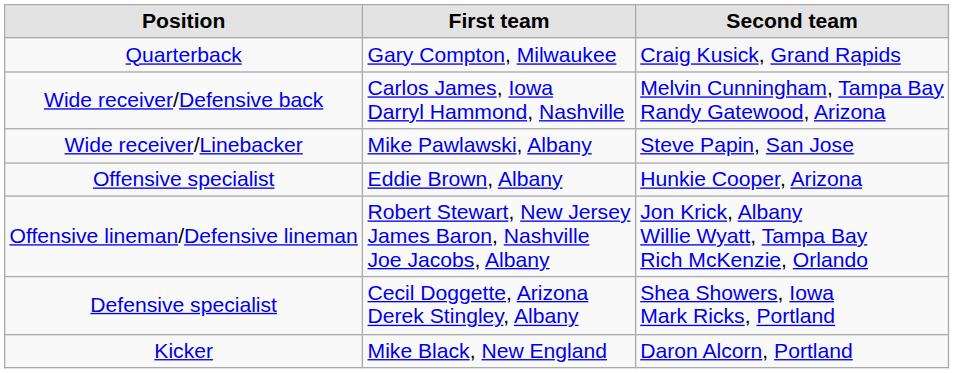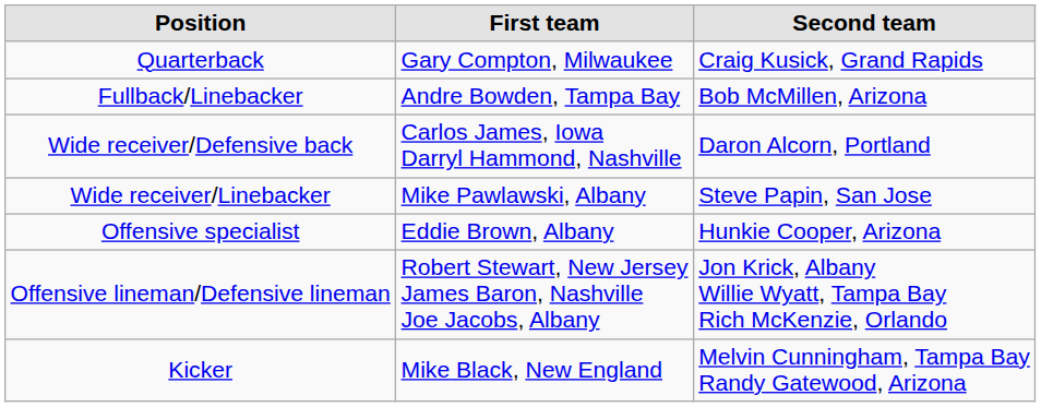 <table class="wikitable">
 <tr>
 <th style="background:#e3e3e3;">Position</th>
 <th style="background:#e3e3e3;">First team</th>
 <th style="background:#e3e3e3;">Second team</th>
 </tr>
 <tr>
 <td align=center><a href='#'>Quarterback</a></td>
 <td><a href='#'>Gary Compton</a>, <a href='#'>Milwaukee</a></td>
 <td><a href='#'>Craig Kusick</a>, <a href='#'>Grand Rapids</a></td>
 </tr>
 <tr>
+<td align=center><a href='#'>Fullback</a>/<a href='#'>Linebacker</a></td>
+<td><a href='#'>Andre Bowden</a>, <a href='#'>Tampa Bay</a></td>
+<td><a href='#'>Bob McMillen</a>, <a href='#'>Arizona</a></td>
+</tr>
+<tr>
 <td align=center><a href='#'>Wide receiver</a>/<a href='#'>Defensive back</a></td>
 <td><a href='#'>Carlos James</a>, <a href='#'>Iowa</a><br><a href='#'>Darryl Hammond</a>, <a href='#'>Nashville</a></td>
-<td><a href='#'>Melvin Cunningham</a>, <a href='#'>Tampa Bay</a><br><a href='#'>Randy Gatewood</a>, <a href='#'>Arizona</a></td>
+<td><a href='#'>Daron Alcorn</a>, <a href='#'>Portland</a></td>
 </tr>
 <tr>
 <td align=center><a href='#'>Wide receiver</a>/<a href='#'>Linebacker</a></td>
 <td><a href='#'>Mike Pawlawski</a>, <a href='#'>Albany</a></td>
 <td><a href='#'>Steve Papin</a>, <a href='#'>San Jose</a></td>
 </tr>
 <tr>
 <td align=center><a href='#'>Offensive specialist</a></td>
 <td><a href='#'>Eddie Brown</a>, <a href='#'>Albany</a></td>
 <td><a href='#'>Hunkie Cooper</a>, <a href='#'>Arizona</a></td>
 </tr>
 <tr>
 <td align=center><a href='#'>Offensive lineman</a>/<a href='#'>Defensive lineman</a></td>
 <td><a href='#'>Robert Stewart</a>, <a href='#'>New Jersey</a><br><a href='#'>James Baron</a>, <a href='#'>Nashville</a><br><a href='#'>Joe Jacobs</a>, <a href='#'>Albany</a></td>
 <td><a href='#'>Jon Krick</a>, <a href='#'>Albany</a><br><a href='#'>Willie Wyatt</a>, <a href='#'>Tampa Bay</a><br><a href='#'>Rich McKenzie</a>, <a href='#'>Orlando</a></td>
 </tr>
 <tr>
-<td align=center><a href='#'>Defensive specialist</a></td>
-<td><a href='#'>Cecil Doggette</a>, <a href='#'>Arizona</a><br><a href='#'>Derek Stingley</a>, <a href='#'>Albany</a></td>
-<td><a href='#'>Shea Showers</a>, <a href='#'>Iowa</a><br><a href='#'>Mark Ricks</a>, <a href='#'>Portland</a></td>
-</tr>
-<tr>
 <td align=center><a href='#'>Kicker</a></td>
 <td><a href='#'>Mike Black</a>, <a href='#'>New England</a></td>
-<td><a href='#'>Daron Alcorn</a>, <a href='#'>Portland</a></td>
+<td><a href='#'>Melvin Cunningham</a>, <a href='#'>Tampa Bay</a><br><a href='#'>Randy Gatewood</a>, <a href='#'>Arizona</a></td>
 </tr>
 </table>
